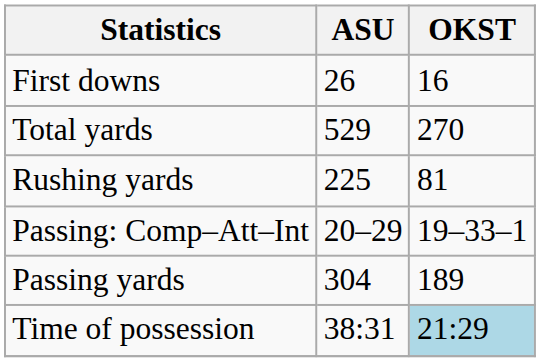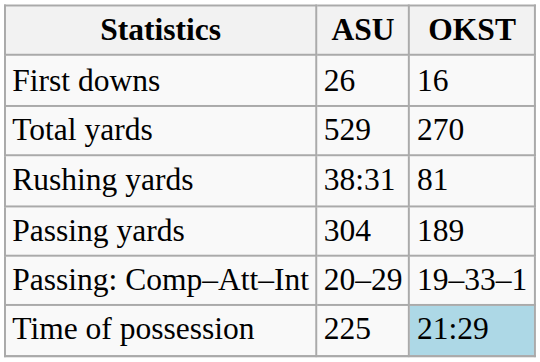 <table class="wikitable" style="float: left;">
 <tr>
 <th>Statistics</th>
 <th>ASU</th>
 <th>OKST</th>
 </tr>
 <tr>
 <td>First downs</td>
 <td>26</td>
 <td>16</td>
 </tr>
 <tr>
 <td>Total yards</td>
 <td>529</td>
 <td>270</td>
 </tr>
 <tr>
 <td>Rushing yards</td>
-<td>225</td>
+<td>38:31</td>
 <td>81</td>
+</tr>
+<tr>
+<td>Passing yards</td>
+<td>304</td>
+<td>189</td>
 </tr>
 <tr>
 <td>Passing: Comp–Att–Int</td>
 <td>20–29</td>
 <td>19–33–1</td>
 </tr>
 <tr>
-<td>Passing yards</td>
-<td>304</td>
-<td>189</td>
-</tr>
-<tr>
 <td>Time of possession</td>
-<td>38:31</td>
+<td>225</td>
 <td style="background: lightblue;">21:29</td>
 </tr>
 <tr>
 </tr>
 </table>
